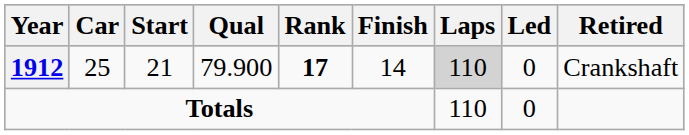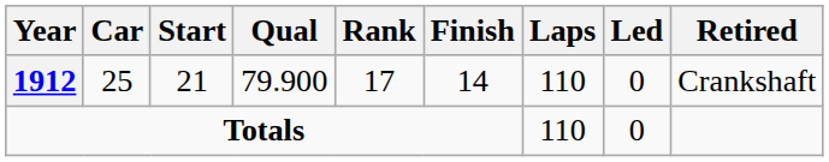 <table class="wikitable" style="text-align:center">
 <tr>
 <th>Year</th>
 <th>Car</th>
 <th>Start</th>
 <th>Qual</th>
 <th>Rank</th>
 <th>Finish</th>
 <th>Laps</th>
 <th>Led</th>
 <th>Retired</th>
 </tr>
 <tr>
 <th><a href='#'>1912</a></th>
 <td>25</td>
 <td>21</td>
 <td>79.900</td>
-<td><strong>17</strong></td>
+<td>17</td>
 <td>14</td>
-<td style="background: lightgrey;">110</td>
+<td>110</td>
 <td>0</td>
 <td>Crankshaft</td>
 </tr>
 <tr>
 <td colspan=6><strong>Totals</strong></td>
 <td>110</td>
 <td>0</td>
 <td></td>
 </tr>
 </table>
